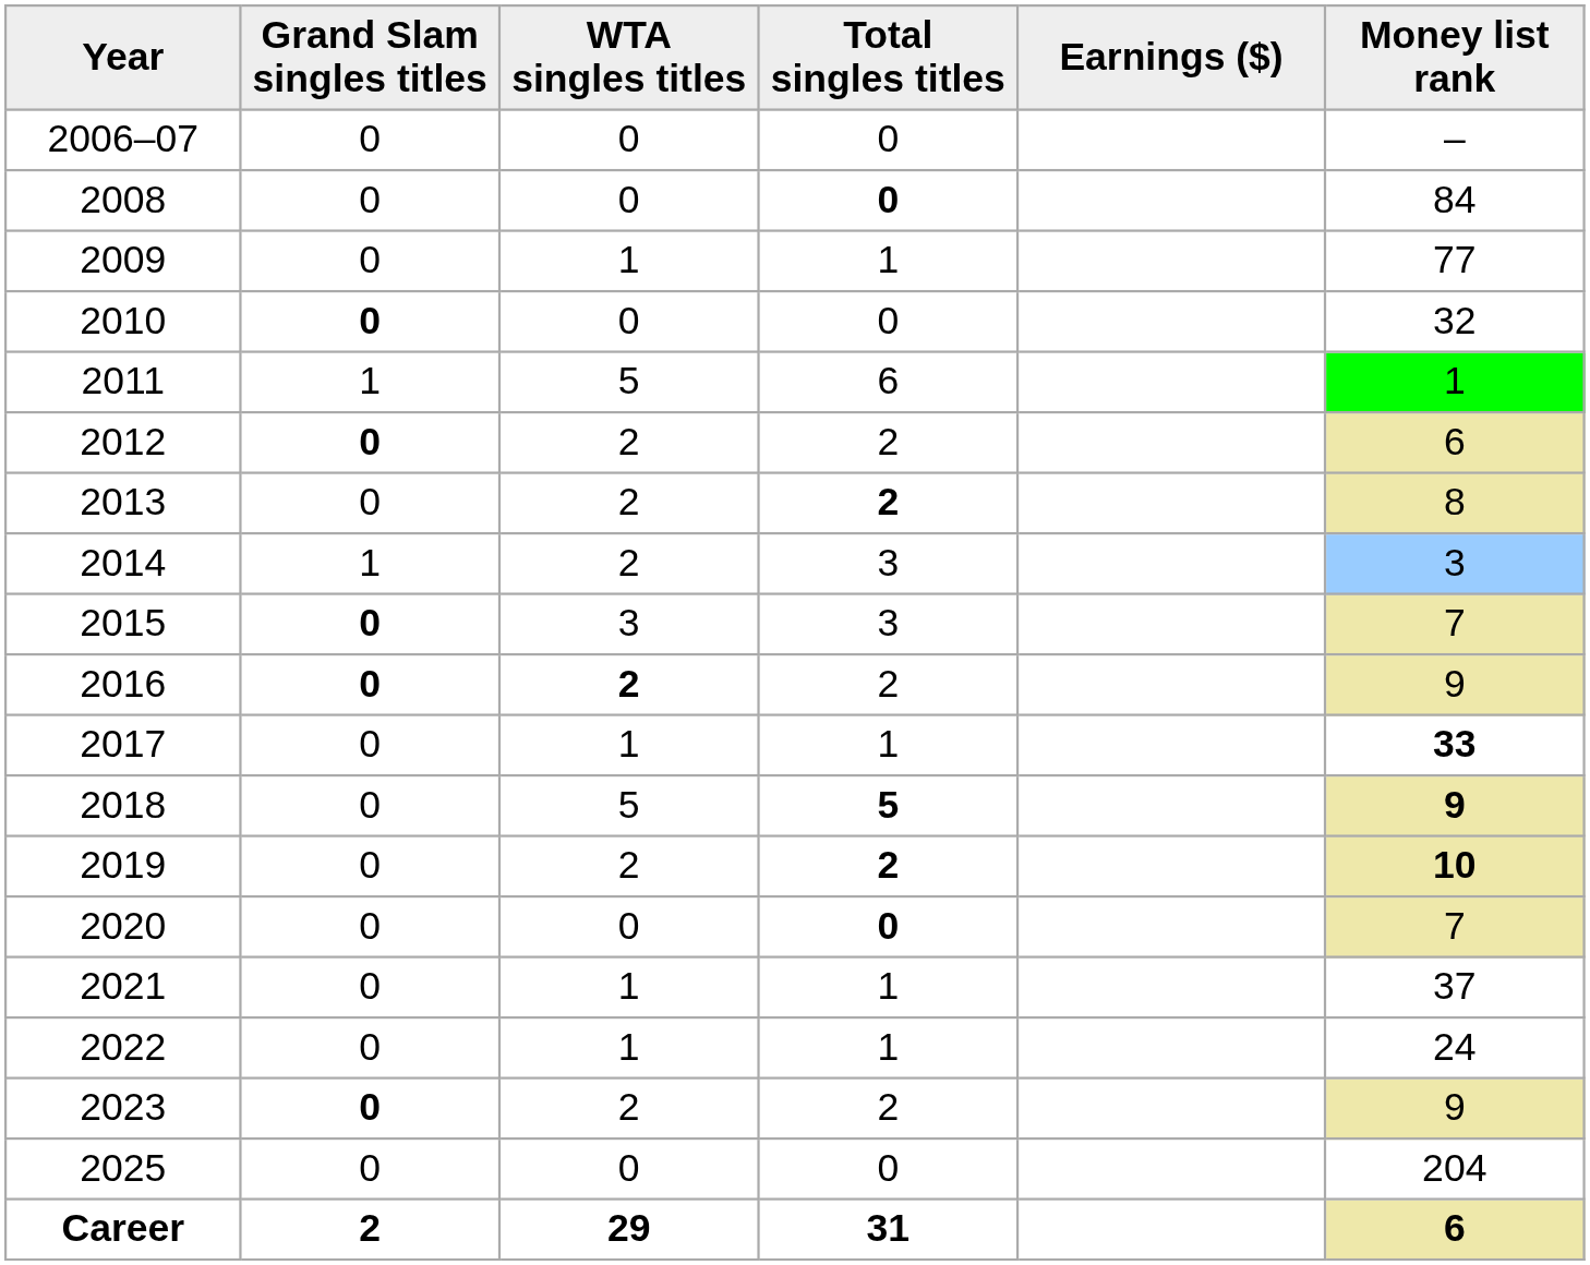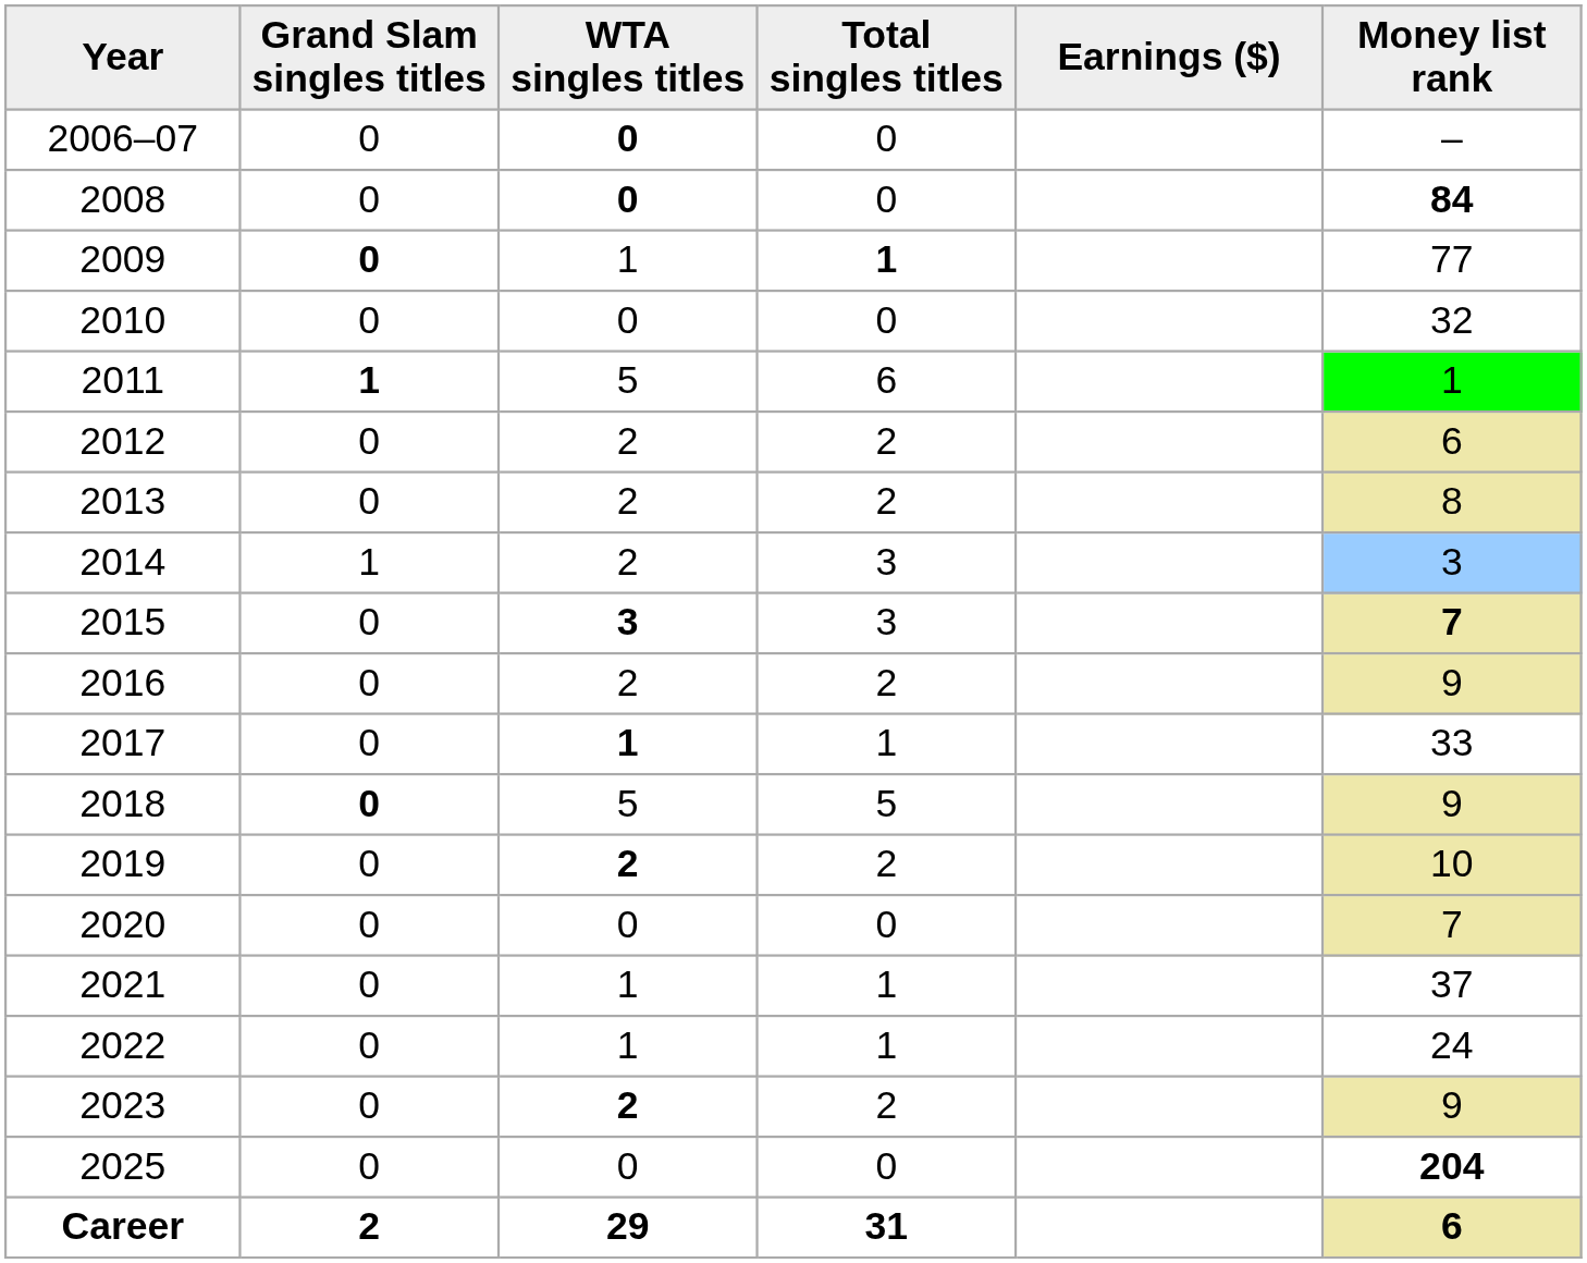 <table cellpadding=3 cellspacing=0 border=1 style=border:#aaa;solid:1px;border-collapse:collapse;text-align:center;>
 <tr style=background:#eee;font-weight:bold>
 <td width="90">Year</td>
 <td width="100">Grand Slam <br>singles titles</td>
 <td width="100">WTA <br>singles titles</td>
 <td width="100">Total <br>singles titles</td>
 <td width="120">Earnings ($)</td>
 <td width="100">Money list rank</td>
 </tr>
 <tr>
 <td>2006–07</td>
 <td>0</td>
-<td>0</td>
+<td><strong>0</strong></td>
 <td>0</td>
 <td align=right></td>
 <td>–</td>
 </tr>
 <tr>
 <td>2008</td>
 <td>0</td>
+<td><strong>0</strong></td>
 <td>0</td>
-<td><strong>0</strong></td>
 <td align=right></td>
-<td>84</td>
+<td><strong>84</strong></td>
 </tr>
 <tr>
 <td>2009</td>
-<td>0</td>
+<td><strong>0</strong></td>
 <td>1</td>
-<td>1</td>
+<td><strong>1</strong></td>
 <td align=right></td>
 <td>77</td>
 </tr>
 <tr>
 <td>2010</td>
-<td><strong>0</strong></td>
+<td>0</td>
 <td>0</td>
 <td>0</td>
 <td align=right></td>
 <td>32</td>
 </tr>
 <tr>
 <td>2011</td>
-<td>1</td>
+<td><strong>1</strong></td>
 <td>5</td>
 <td>6</td>
 <td align=right></td>
 <td bgcolor=lime>1</td>
 </tr>
 <tr>
 <td>2012</td>
-<td><strong>0</strong></td>
+<td>0</td>
 <td>2</td>
 <td>2</td>
 <td align=right></td>
 <td bgcolor=eee8aa>6</td>
 </tr>
 <tr>
 <td>2013</td>
 <td>0</td>
 <td>2</td>
-<td><strong>2</strong></td>
+<td>2</td>
 <td align=right></td>
 <td bgcolor=eee8aa>8</td>
 </tr>
 <tr>
 <td>2014</td>
 <td>1</td>
 <td>2</td>
 <td>3</td>
 <td align=right></td>
 <td bgcolor=99ccff>3</td>
 </tr>
 <tr>
 <td>2015</td>
-<td><strong>0</strong></td>
-<td>3</td>
+<td>0</td>
+<td><strong>3</strong></td>
 <td>3</td>
 <td align=right></td>
-<td bgcolor=eee8aa>7</td>
+<td bgcolor=eee8aa><strong>7</strong></td>
 </tr>
 <tr>
 <td>2016</td>
-<td><strong>0</strong></td>
-<td><strong>2</strong></td>
+<td>0</td>
+<td>2</td>
 <td>2</td>
 <td align=right></td>
 <td bgcolor=eee8aa>9</td>
 </tr>
 <tr>
 <td>2017</td>
 <td>0</td>
-<td>1</td>
+<td><strong>1</strong></td>
 <td>1</td>
 <td align=right></td>
-<td bgcolor=><strong>33</strong></td>
+<td bgcolor=>33</td>
 </tr>
 <tr>
 <td>2018</td>
-<td>0</td>
+<td><strong>0</strong></td>
 <td>5</td>
-<td><strong>5</strong></td>
+<td>5</td>
 <td align=right></td>
-<td bgcolor=eee8aa><strong>9</strong></td>
+<td bgcolor=eee8aa>9</td>
 </tr>
 <tr>
 <td>2019</td>
 <td>0</td>
+<td><strong>2</strong></td>
 <td>2</td>
-<td><strong>2</strong></td>
 <td align=right></td>
-<td bgcolor=eee8aa><strong>10</strong></td>
+<td bgcolor=eee8aa>10</td>
 </tr>
 <tr>
 <td>2020</td>
 <td>0</td>
 <td>0</td>
-<td><strong>0</strong></td>
+<td>0</td>
 <td align=right></td>
 <td bgcolor=eee8aa>7</td>
 </tr>
 <tr>
 <td>2021</td>
 <td>0</td>
 <td>1</td>
 <td>1</td>
 <td align=right></td>
 <td>37</td>
 </tr>
 <tr>
 <td>2022</td>
 <td>0</td>
 <td>1</td>
 <td>1</td>
 <td align=right></td>
 <td>24</td>
 </tr>
 <tr>
 <td>2023</td>
-<td><strong>0</strong></td>
-<td>2</td>
+<td>0</td>
+<td><strong>2</strong></td>
 <td>2</td>
 <td align=right></td>
 <td bgcolor=eee8aa>9</td>
 </tr>
 <tr>
 <td>2025</td>
 <td>0</td>
 <td>0</td>
 <td>0</td>
 <td align=right></td>
-<td>204</td>
+<td><strong>204</strong></td>
 </tr>
 <tr style=font-weight:bold>
 <td>Career</td>
 <td>2</td>
 <td>29</td>
 <td>31</td>
 <td align=right></td>
 <td bgcolor=eee8aa>6</td>
 </tr>
 </table>
